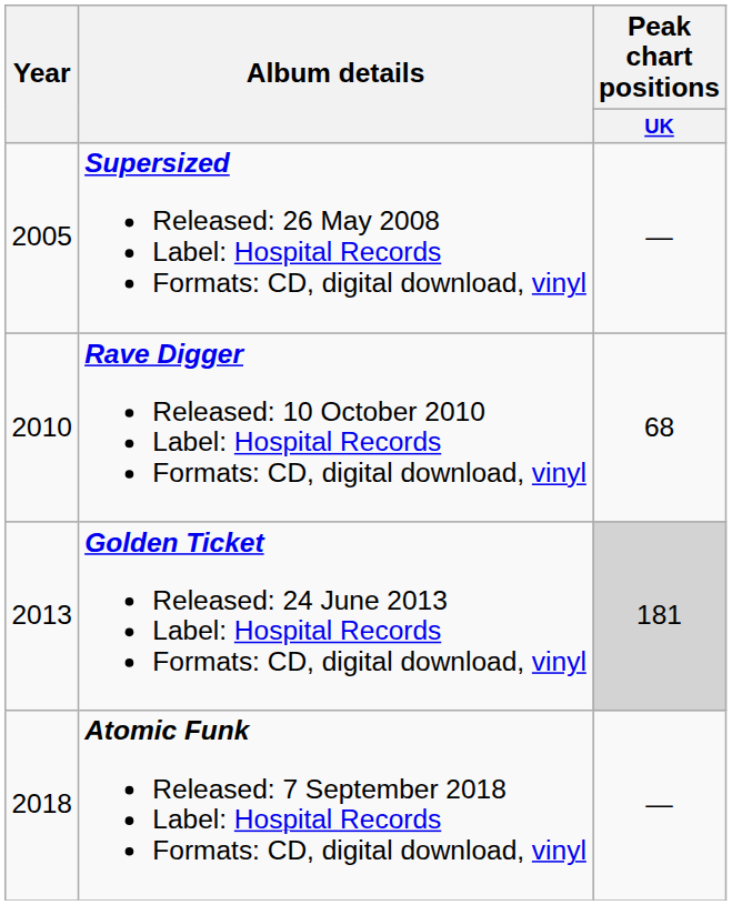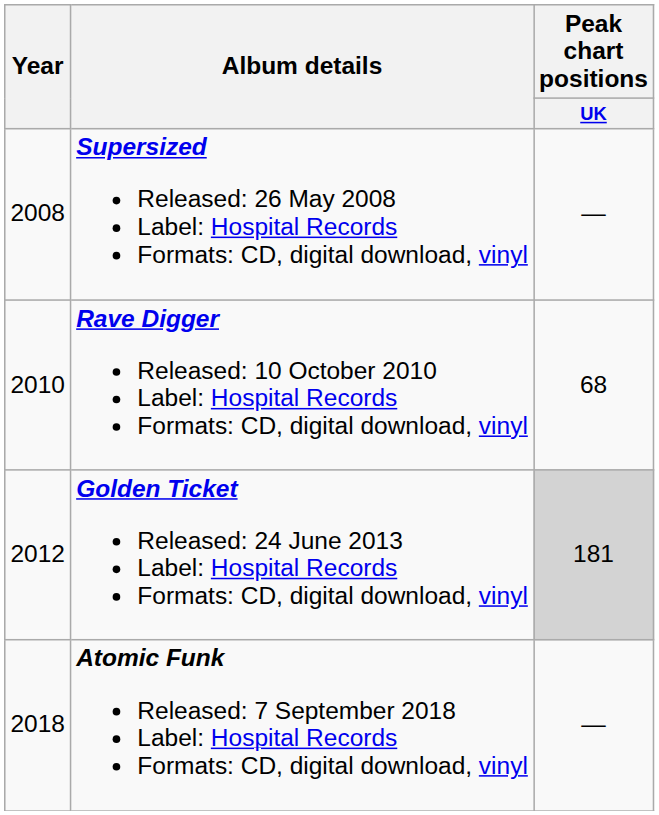 <table class="wikitable" style="text-align:center;">
 <tr>
 <th rowspan="2">Year</th>
 <th rowspan="2">Album details</th>
 <th>Peak chart positions</th>
 </tr>
 <tr>
 <th style="width:3em;font-size:75%;"><a href='#'>UK</a><br></th>
 </tr>
 <tr>
-<td>2005</td>
+<td>2008</td>
 <td align="left"><strong><em><a href='#'>Supersized</a></em></strong><br><ul><li>Released: 26 May 2008</li><li>Label: <a href='#'>Hospital Records</a></li><li>Formats: CD, digital download, <a href='#'>vinyl</a></li></ul></td>
 <td>—</td>
 </tr>
 <tr>
 <td>2010</td>
 <td align="left"><strong><em><a href='#'>Rave Digger</a></em></strong><br><ul><li>Released: 10 October 2010</li><li>Label: <a href='#'>Hospital Records</a></li><li>Formats: CD, digital download, <a href='#'>vinyl</a></li></ul></td>
 <td>68<br></td>
 </tr>
 <tr>
-<td>2013</td>
+<td>2012</td>
 <td align="left"><strong><em><a href='#'>Golden Ticket</a></em></strong><br><ul><li>Released: 24 June 2013</li><li>Label: <a href='#'>Hospital Records</a></li><li>Formats: CD, digital download, <a href='#'>vinyl</a></li></ul></td>
 <td style="background: lightgrey;">181<br></td>
 </tr>
 <tr>
 <td>2018</td>
 <td align="left"><strong><em>Atomic Funk</em></strong><br><ul><li>Released: 7 September 2018</li><li>Label: <a href='#'>Hospital Records</a></li><li>Formats: CD, digital download, <a href='#'>vinyl</a></li></ul></td>
 <td>—</td>
 </tr>
 </table>
